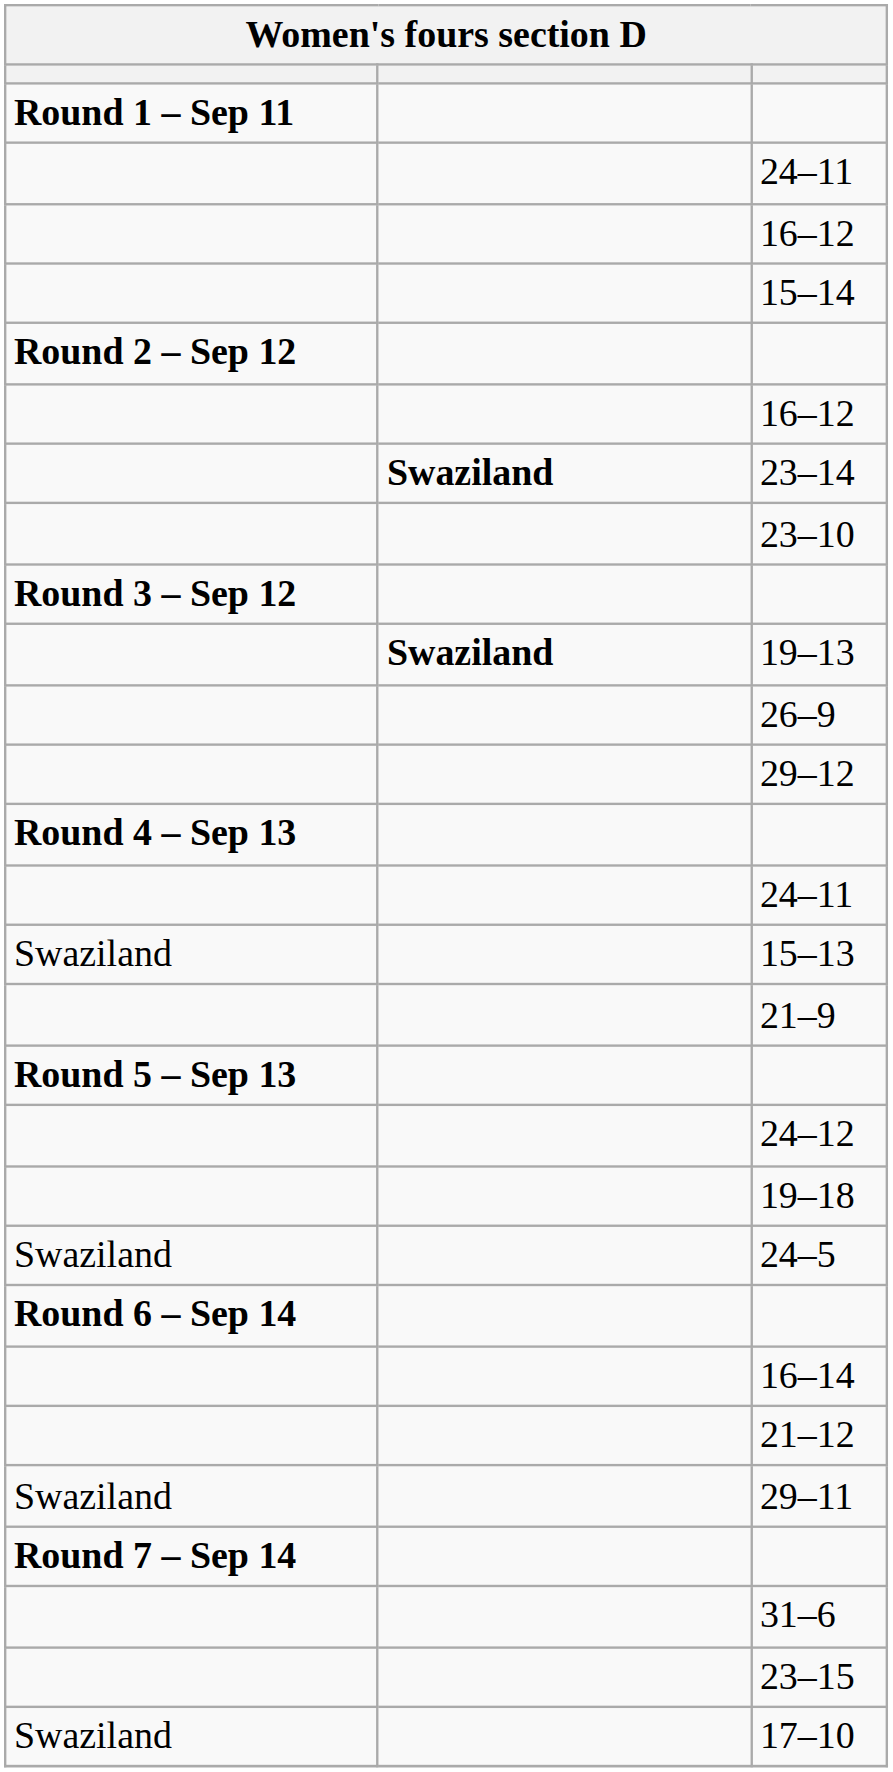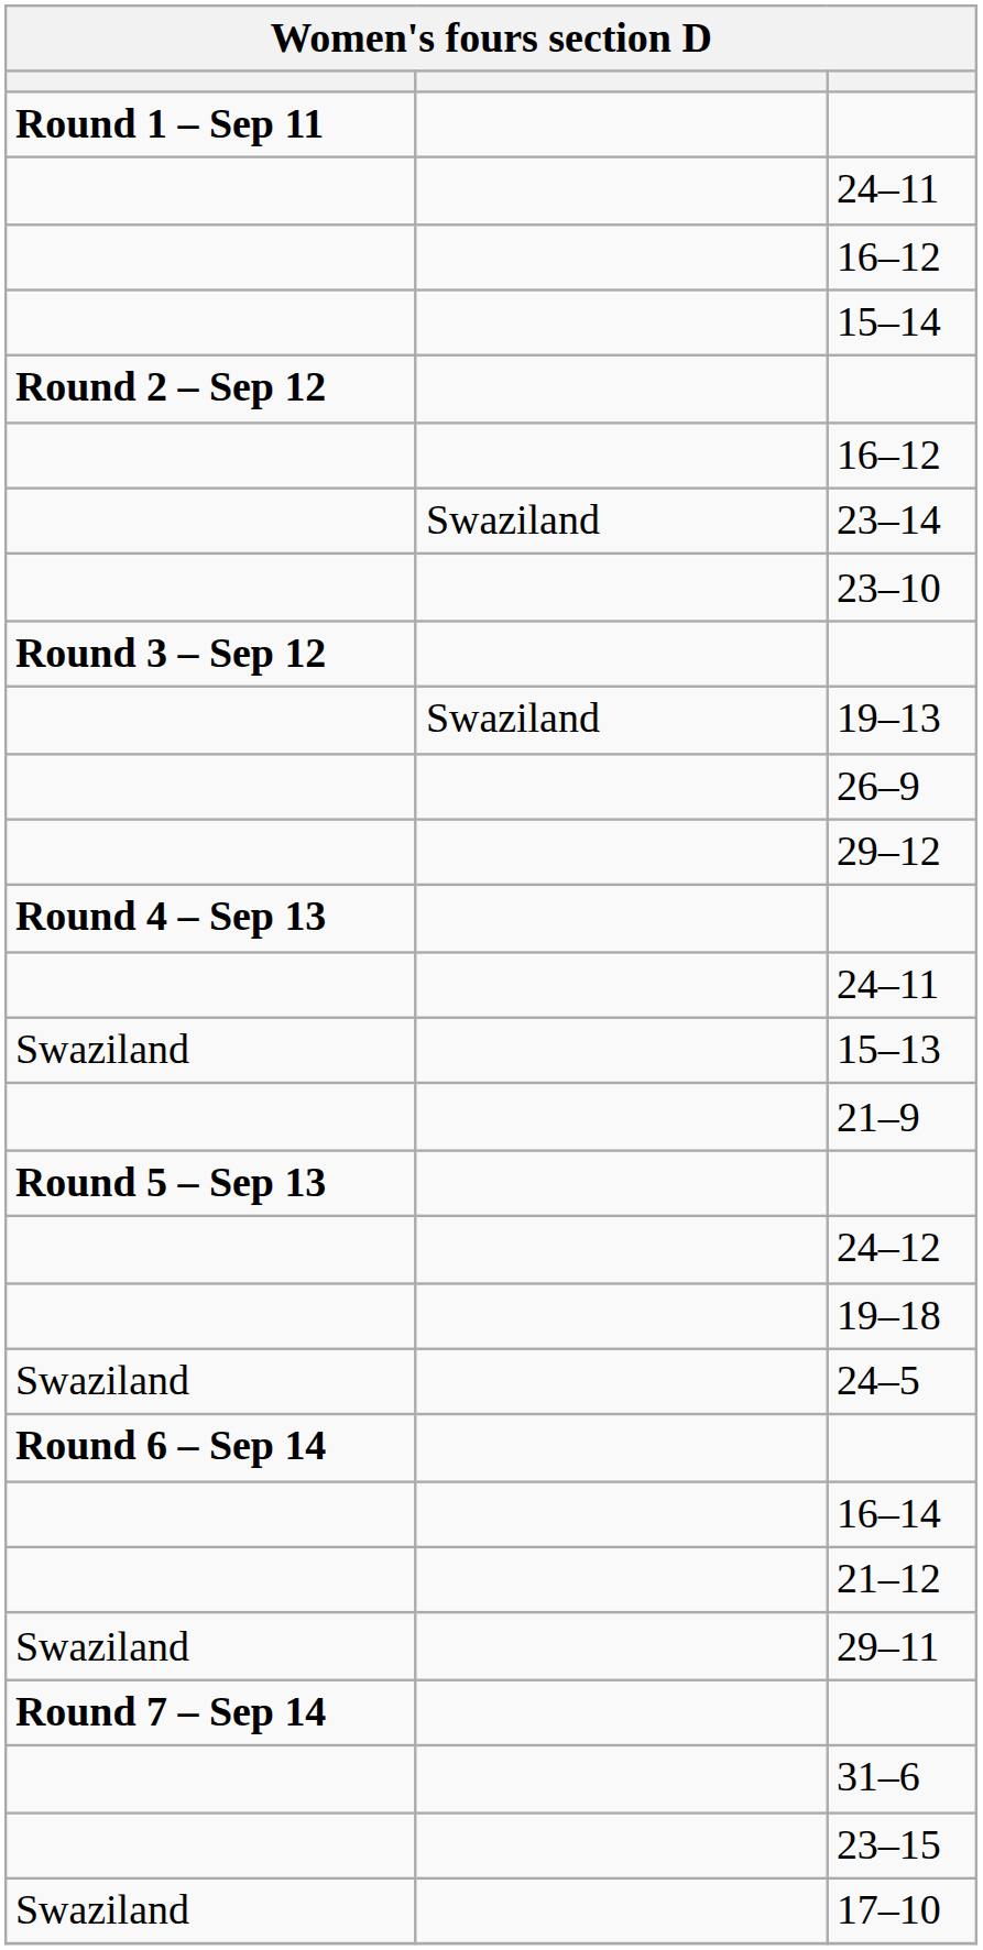 <table class="wikitable">
 <tr>
 <th colspan="3">Women's fours section D</th>
 </tr>
 <tr>
 <th width=150></th>
 <th width=150></th>
 <th width=50></th>
 </tr>
 <tr>
 <td><strong>Round 1 – Sep 11</strong></td>
 <td></td>
 <td></td>
 </tr>
 <tr>
 <td></td>
 <td></td>
 <td>24–11</td>
 </tr>
 <tr>
 <td></td>
 <td></td>
 <td>16–12</td>
 </tr>
 <tr>
 <td></td>
 <td></td>
 <td>15–14</td>
 </tr>
 <tr>
 <td><strong>Round 2 – Sep 12</strong></td>
 <td></td>
 <td></td>
 </tr>
 <tr>
 <td></td>
 <td></td>
 <td>16–12</td>
 </tr>
 <tr>
 <td></td>
-<td><strong> Swaziland</strong></td>
+<td> Swaziland</td>
 <td>23–14</td>
 </tr>
 <tr>
 <td></td>
 <td></td>
 <td>23–10</td>
 </tr>
 <tr>
 <td><strong>Round 3 – Sep 12</strong></td>
 <td></td>
 <td></td>
 </tr>
 <tr>
 <td></td>
-<td><strong> Swaziland</strong></td>
+<td> Swaziland</td>
 <td>19–13</td>
 </tr>
 <tr>
 <td></td>
 <td></td>
 <td>26–9</td>
 </tr>
 <tr>
 <td></td>
 <td></td>
 <td>29–12</td>
 </tr>
 <tr>
 <td><strong>Round 4 – Sep 13</strong></td>
 <td></td>
 <td></td>
 </tr>
 <tr>
 <td></td>
 <td></td>
 <td>24–11</td>
 </tr>
 <tr>
 <td> Swaziland</td>
 <td></td>
 <td>15–13</td>
 </tr>
 <tr>
 <td></td>
 <td></td>
 <td>21–9</td>
 </tr>
 <tr>
 <td><strong>Round 5 – Sep 13</strong></td>
 <td></td>
 <td></td>
 </tr>
 <tr>
 <td></td>
 <td></td>
 <td>24–12</td>
 </tr>
 <tr>
 <td></td>
 <td></td>
 <td>19–18</td>
 </tr>
 <tr>
 <td> Swaziland</td>
 <td></td>
 <td>24–5</td>
 </tr>
 <tr>
 <td><strong>Round 6  – Sep 14</strong></td>
 <td></td>
 <td></td>
 </tr>
 <tr>
 <td></td>
 <td></td>
 <td>16–14</td>
 </tr>
 <tr>
 <td></td>
 <td></td>
 <td>21–12</td>
 </tr>
 <tr>
 <td> Swaziland</td>
 <td></td>
 <td>29–11</td>
 </tr>
 <tr>
 <td><strong>Round 7 – Sep 14</strong></td>
 <td></td>
 <td></td>
 </tr>
 <tr>
 <td></td>
 <td></td>
 <td>31–6</td>
 </tr>
 <tr>
 <td></td>
 <td></td>
 <td>23–15</td>
 </tr>
 <tr>
 <td> Swaziland</td>
 <td></td>
 <td>17–10</td>
 </tr>
 <tr>
 </tr>
 </table>
